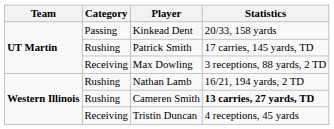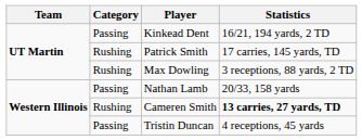 <table class="wikitable" style="float: right;">
 <tr>
 <th>Team</th>
 <th>Category</th>
 <th>Player</th>
 <th>Statistics</th>
 </tr>
 <tr>
 <td rowspan=3><strong>UT Martin</strong></td>
 <td>Passing</td>
 <td>Kinkead Dent</td>
-<td>20/33, 158 yards</td>
+<td>16/21, 194 yards, 2 TD</td>
 </tr>
 <tr>
 <td>Rushing</td>
 <td>Patrick Smith</td>
 <td>17 carries, 145 yards, TD</td>
 </tr>
 <tr>
-<td>Receiving</td>
+<td>Rushing</td>
 <td>Max Dowling</td>
 <td>3 receptions, 88 yards, 2 TD</td>
 </tr>
 <tr>
 <td rowspan=3><strong>Western Illinois</strong></td>
-<td>Rushing</td>
+<td>Passing</td>
 <td>Nathan Lamb</td>
-<td>16/21, 194 yards, 2 TD</td>
+<td>20/33, 158 yards</td>
 </tr>
 <tr>
 <td>Rushing</td>
 <td>Cameren Smith</td>
 <td><strong>13 carries, 27 yards, TD</strong></td>
 </tr>
 <tr>
-<td>Receiving</td>
+<td>Passing</td>
 <td>Tristin Duncan</td>
 <td>4 receptions, 45 yards</td>
 </tr>
 </table>
